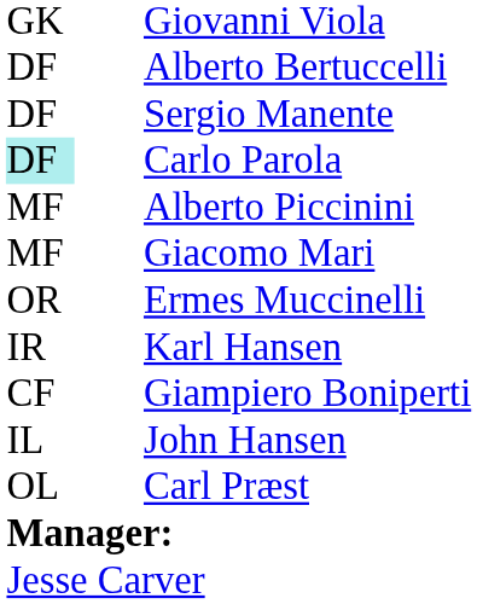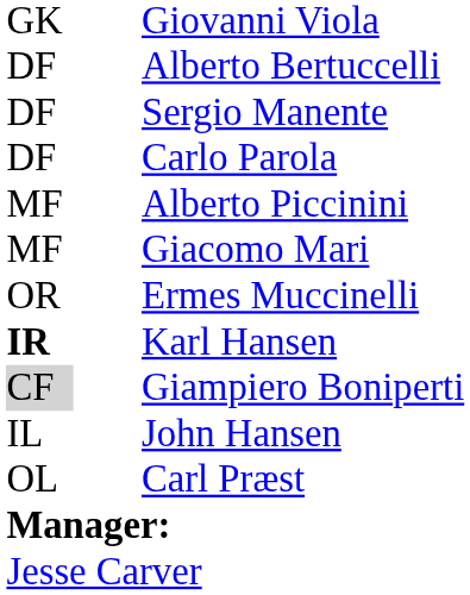 <table style="font-size:90%; margin:0.2em auto;" cellspacing="0" cellpadding="0">
 <tr>
 <th width="25"></th>
 <th width="25"></th>
 </tr>
 <tr>
 <td>GK</td>
 <td><strong> </strong></td>
 <td> <a href='#'>Giovanni Viola</a></td>
 </tr>
 <tr>
 <td>DF</td>
 <td><strong> </strong></td>
 <td> <a href='#'>Alberto Bertuccelli</a></td>
 </tr>
 <tr>
 <td>DF</td>
 <td><strong> </strong></td>
 <td> <a href='#'>Sergio Manente</a></td>
 </tr>
 <tr>
-<td style="background: paleturquoise;">DF</td>
+<td>DF</td>
 <td><strong> </strong></td>
 <td> <a href='#'>Carlo Parola</a></td>
 </tr>
 <tr>
 <td>MF</td>
 <td><strong> </strong></td>
 <td> <a href='#'>Alberto Piccinini</a></td>
 </tr>
 <tr>
 <td>MF</td>
 <td><strong> </strong></td>
 <td> <a href='#'>Giacomo Mari</a></td>
 </tr>
 <tr>
 <td>OR</td>
 <td><strong> </strong></td>
 <td> <a href='#'>Ermes Muccinelli</a></td>
 </tr>
 <tr>
-<td>IR</td>
+<td><strong>IR</strong></td>
 <td><strong> </strong></td>
 <td> <a href='#'>Karl Hansen</a></td>
 </tr>
 <tr>
-<td>CF</td>
+<td style="background: lightgrey;">CF</td>
 <td><strong> </strong></td>
 <td> <a href='#'>Giampiero Boniperti</a></td>
 </tr>
 <tr>
 <td>IL</td>
 <td><strong> </strong></td>
 <td> <a href='#'>John Hansen</a></td>
 </tr>
 <tr>
 <td>OL</td>
 <td><strong> </strong></td>
 <td> <a href='#'>Carl Præst</a></td>
 </tr>
 <tr>
 <td colspan=3><strong>Manager:</strong></td>
 </tr>
 <tr>
 <td colspan=4> <a href='#'>Jesse Carver</a></td>
 </tr>
 </table>
